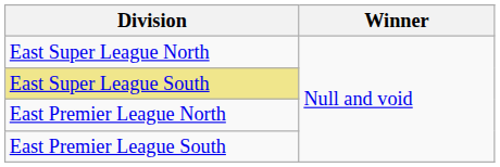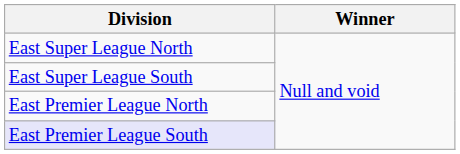 <table class="wikitable">
 <tr>
 <th width=230>Division</th>
 <th width=150>Winner</th>
 </tr>
 <tr>
 <td><a href='#'>East Super League North</a></td>
 <td rowspan=4><a href='#'>Null and void</a></td>
 </tr>
 <tr>
-<td style="background: khaki;"><a href='#'>East Super League South</a></td>
+<td><a href='#'>East Super League South</a></td>
 </tr>
 <tr>
 <td><a href='#'>East Premier League North</a></td>
 </tr>
 <tr>
-<td><a href='#'>East Premier League South</a></td>
+<td style="background: lavender;"><a href='#'>East Premier League South</a></td>
 </tr>
 </table>
